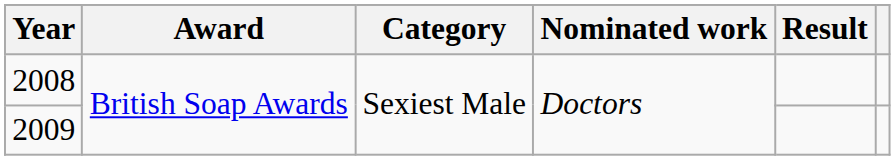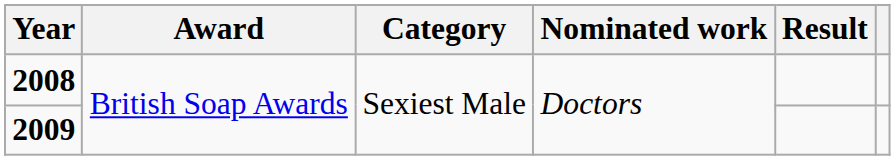 <table class="wikitable">
 <tr>
 <th>Year</th>
 <th>Award</th>
 <th>Category</th>
 <th>Nominated work</th>
 <th>Result</th>
 <th></th>
 </tr>
 <tr>
-<td>2008</td>
+<td><strong>2008</strong></td>
 <td rowspan="2"><a href='#'>British Soap Awards</a></td>
 <td rowspan="2">Sexiest Male</td>
 <td rowspan="2"><em>Doctors</em></td>
 <td></td>
 <td align="center"></td>
 </tr>
 <tr>
-<td>2009</td>
+<td><strong>2009</strong></td>
 <td></td>
 <td align="center"></td>
 </tr>
 </table>
